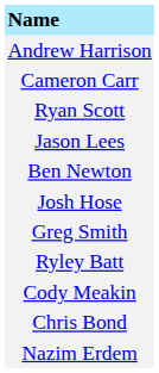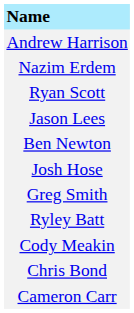 <table border=0 cellpadding=2 cellspacing=0  |- bgcolor=#F2F2F2 style="text-align:center; font-size:90%;">
 <tr bgcolor=#ADEBFD>
 <th align=left>Name</th>
 </tr>
 <tr>
 <td><a href='#'>Andrew Harrison</a></td>
 </tr>
 <tr>
-<td><a href='#'>Cameron Carr</a></td>
+<td><a href='#'>Nazim Erdem</a></td>
 </tr>
 <tr>
 <td><a href='#'>Ryan Scott</a></td>
 </tr>
 <tr>
 <td><a href='#'>Jason Lees</a></td>
 </tr>
 <tr>
 <td><a href='#'>Ben Newton</a></td>
 </tr>
 <tr>
 <td><a href='#'>Josh Hose</a></td>
 </tr>
 <tr>
 <td><a href='#'>Greg Smith</a></td>
 </tr>
 <tr>
 <td><a href='#'>Ryley Batt</a></td>
 </tr>
 <tr>
 <td><a href='#'>Cody Meakin</a></td>
 </tr>
 <tr>
 <td><a href='#'>Chris Bond</a></td>
 </tr>
 <tr>
-<td><a href='#'>Nazim Erdem</a></td>
+<td><a href='#'>Cameron Carr</a></td>
 </tr>
 </table>
